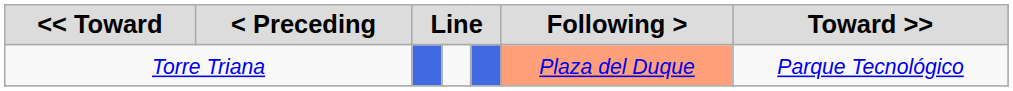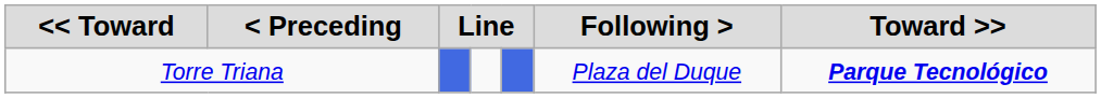 <table align=center class="wikitable center;" width="50%">
 <tr style=background:#DCDCDC align=center>
 <td><strong><< Toward</strong></td>
 <td><strong>< Preceding</strong></td>
 <td colspan="3"><strong>Line</strong></td>
 <td><strong>Following ></strong></td>
 <td><strong>Toward >></strong></td>
 </tr>
 <tr align=center>
 <td colspan="2"><small><a href='#'><em>Torre Triana</em></a></small></td>
 <td + style=background:royalblue></td>
 <td></td>
 <td + style=background:royalblue></td>
-<td style="background: lightsalmon;"><small><a href='#'><em>Plaza del Duque</em></a></small></td>
-<td><small><a href='#'><em>Parque Tecnológico</em></a></small></td>
+<td><small><a href='#'><em>Plaza del Duque</em></a></small></td>
+<td><strong><small><a href='#'><em>Parque Tecnológico</em></a></small></strong></td>
 </tr>
 </table>
